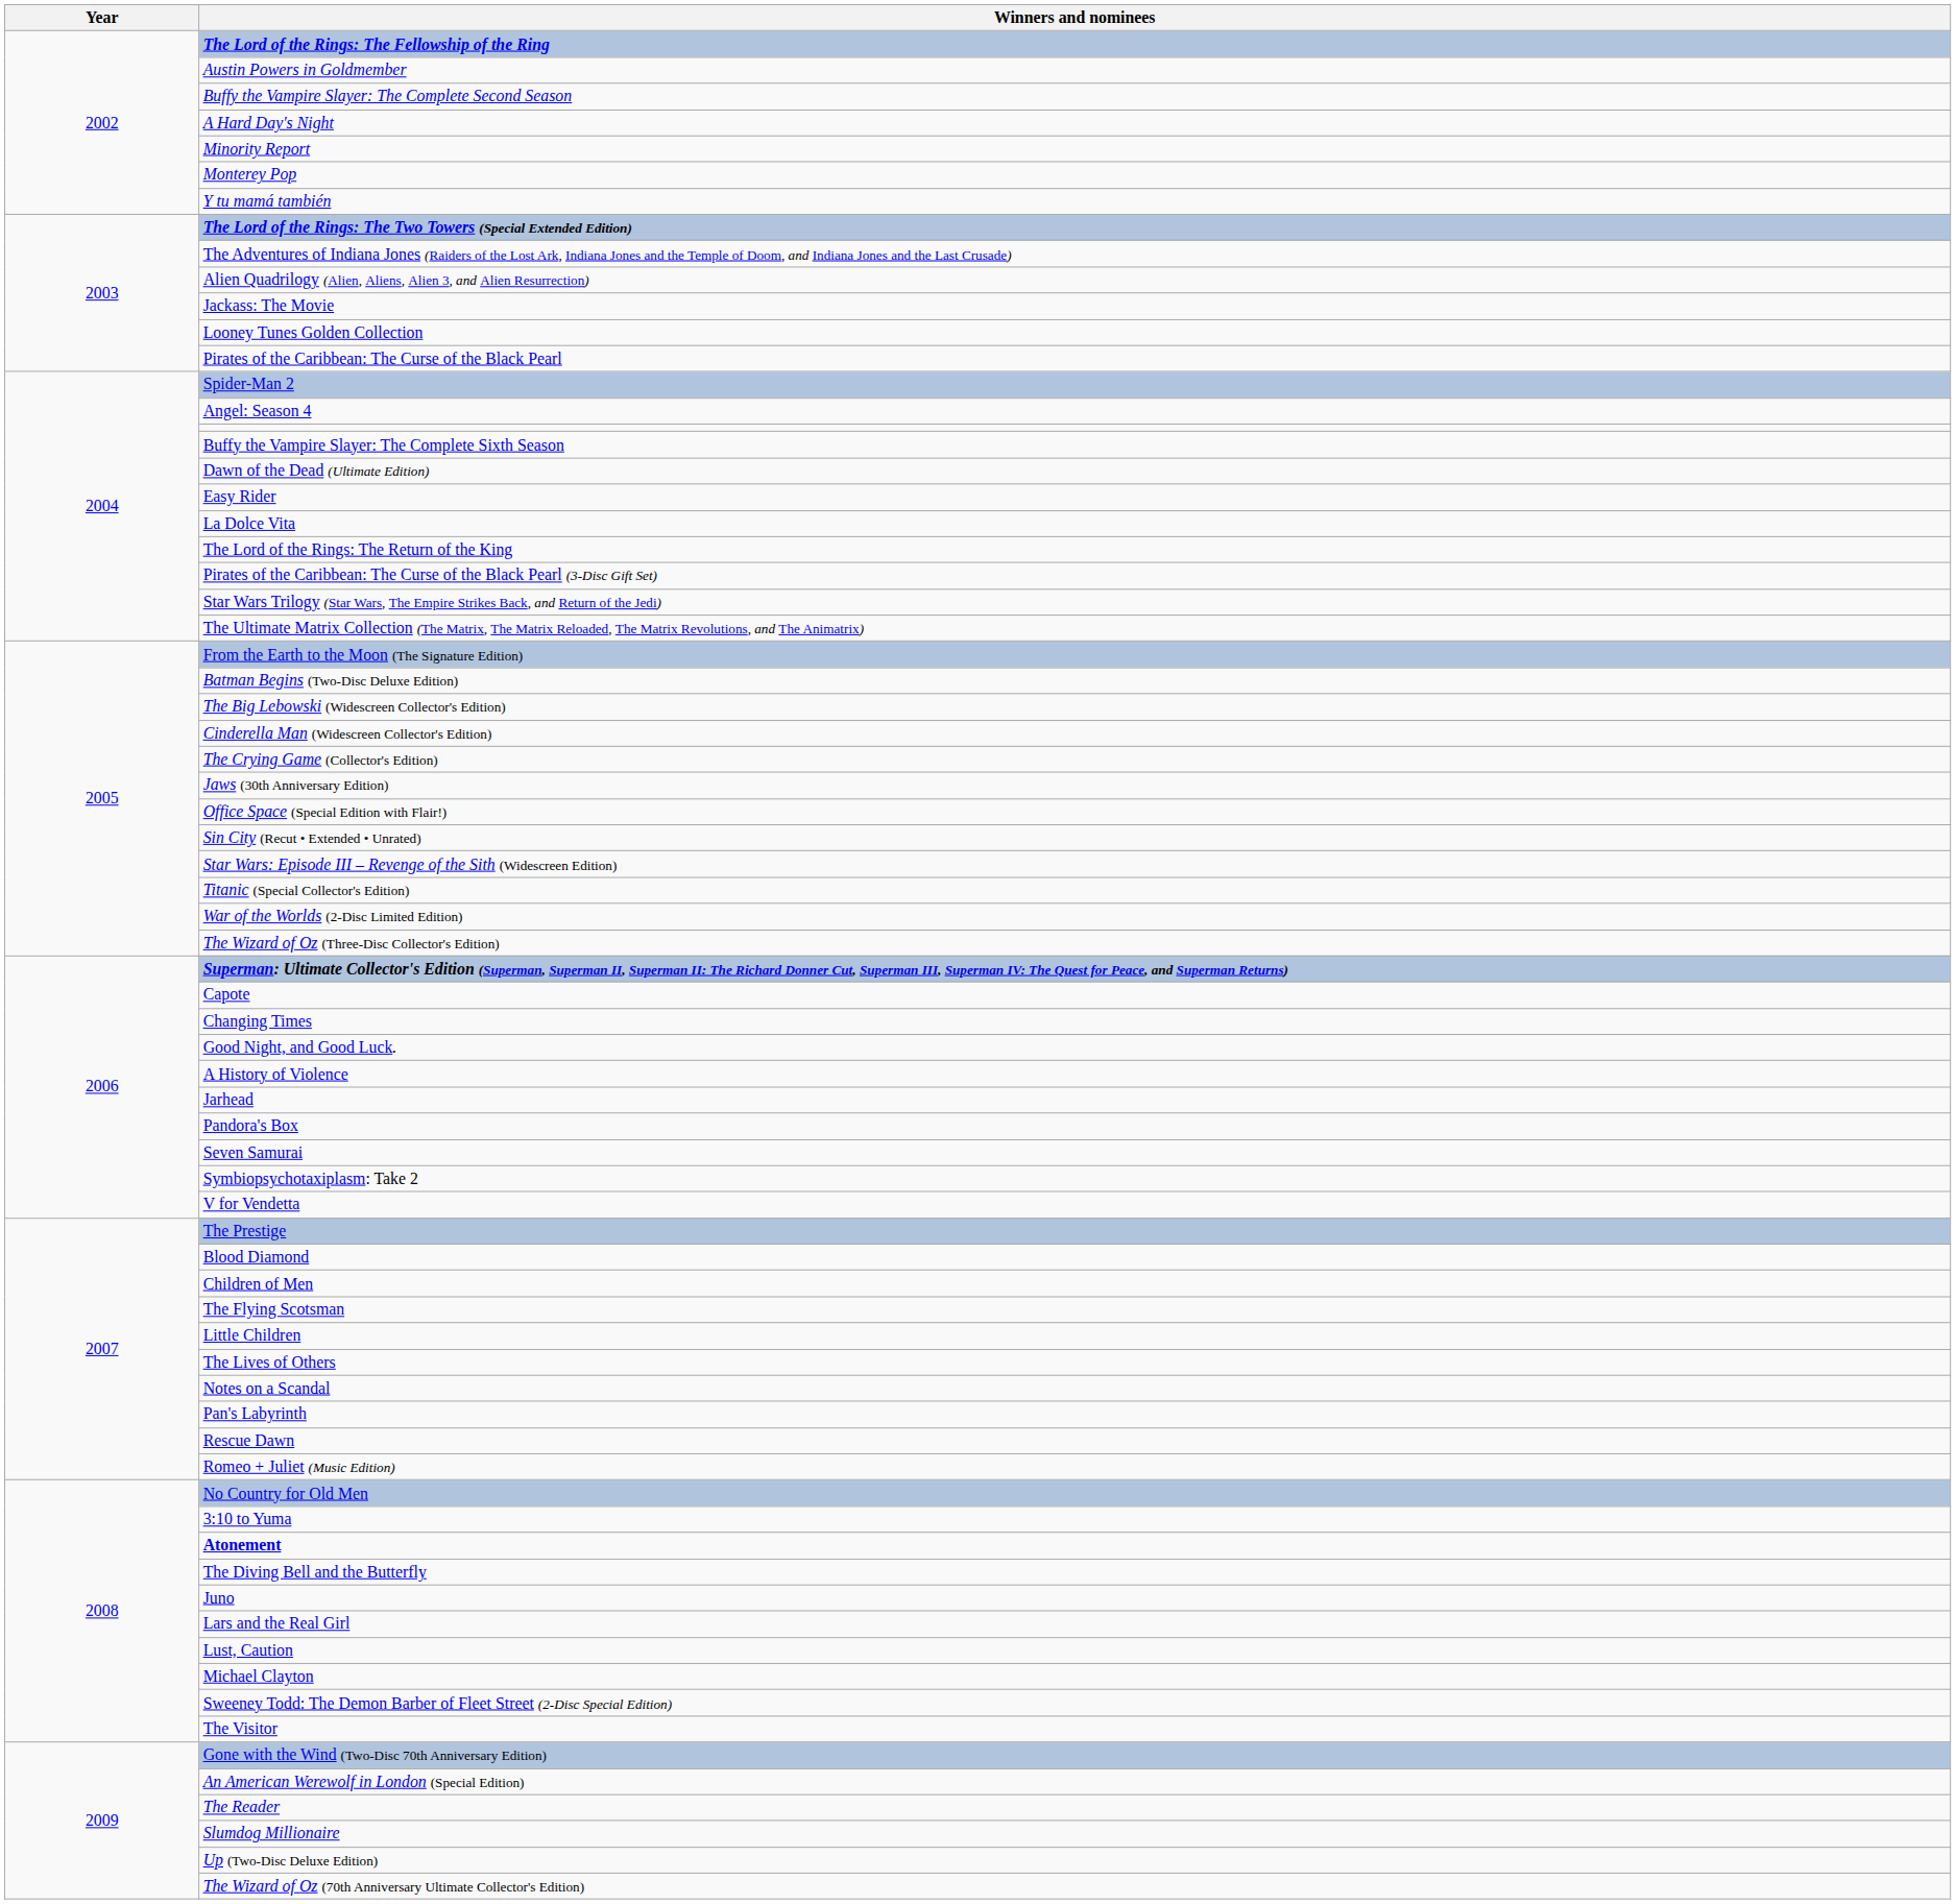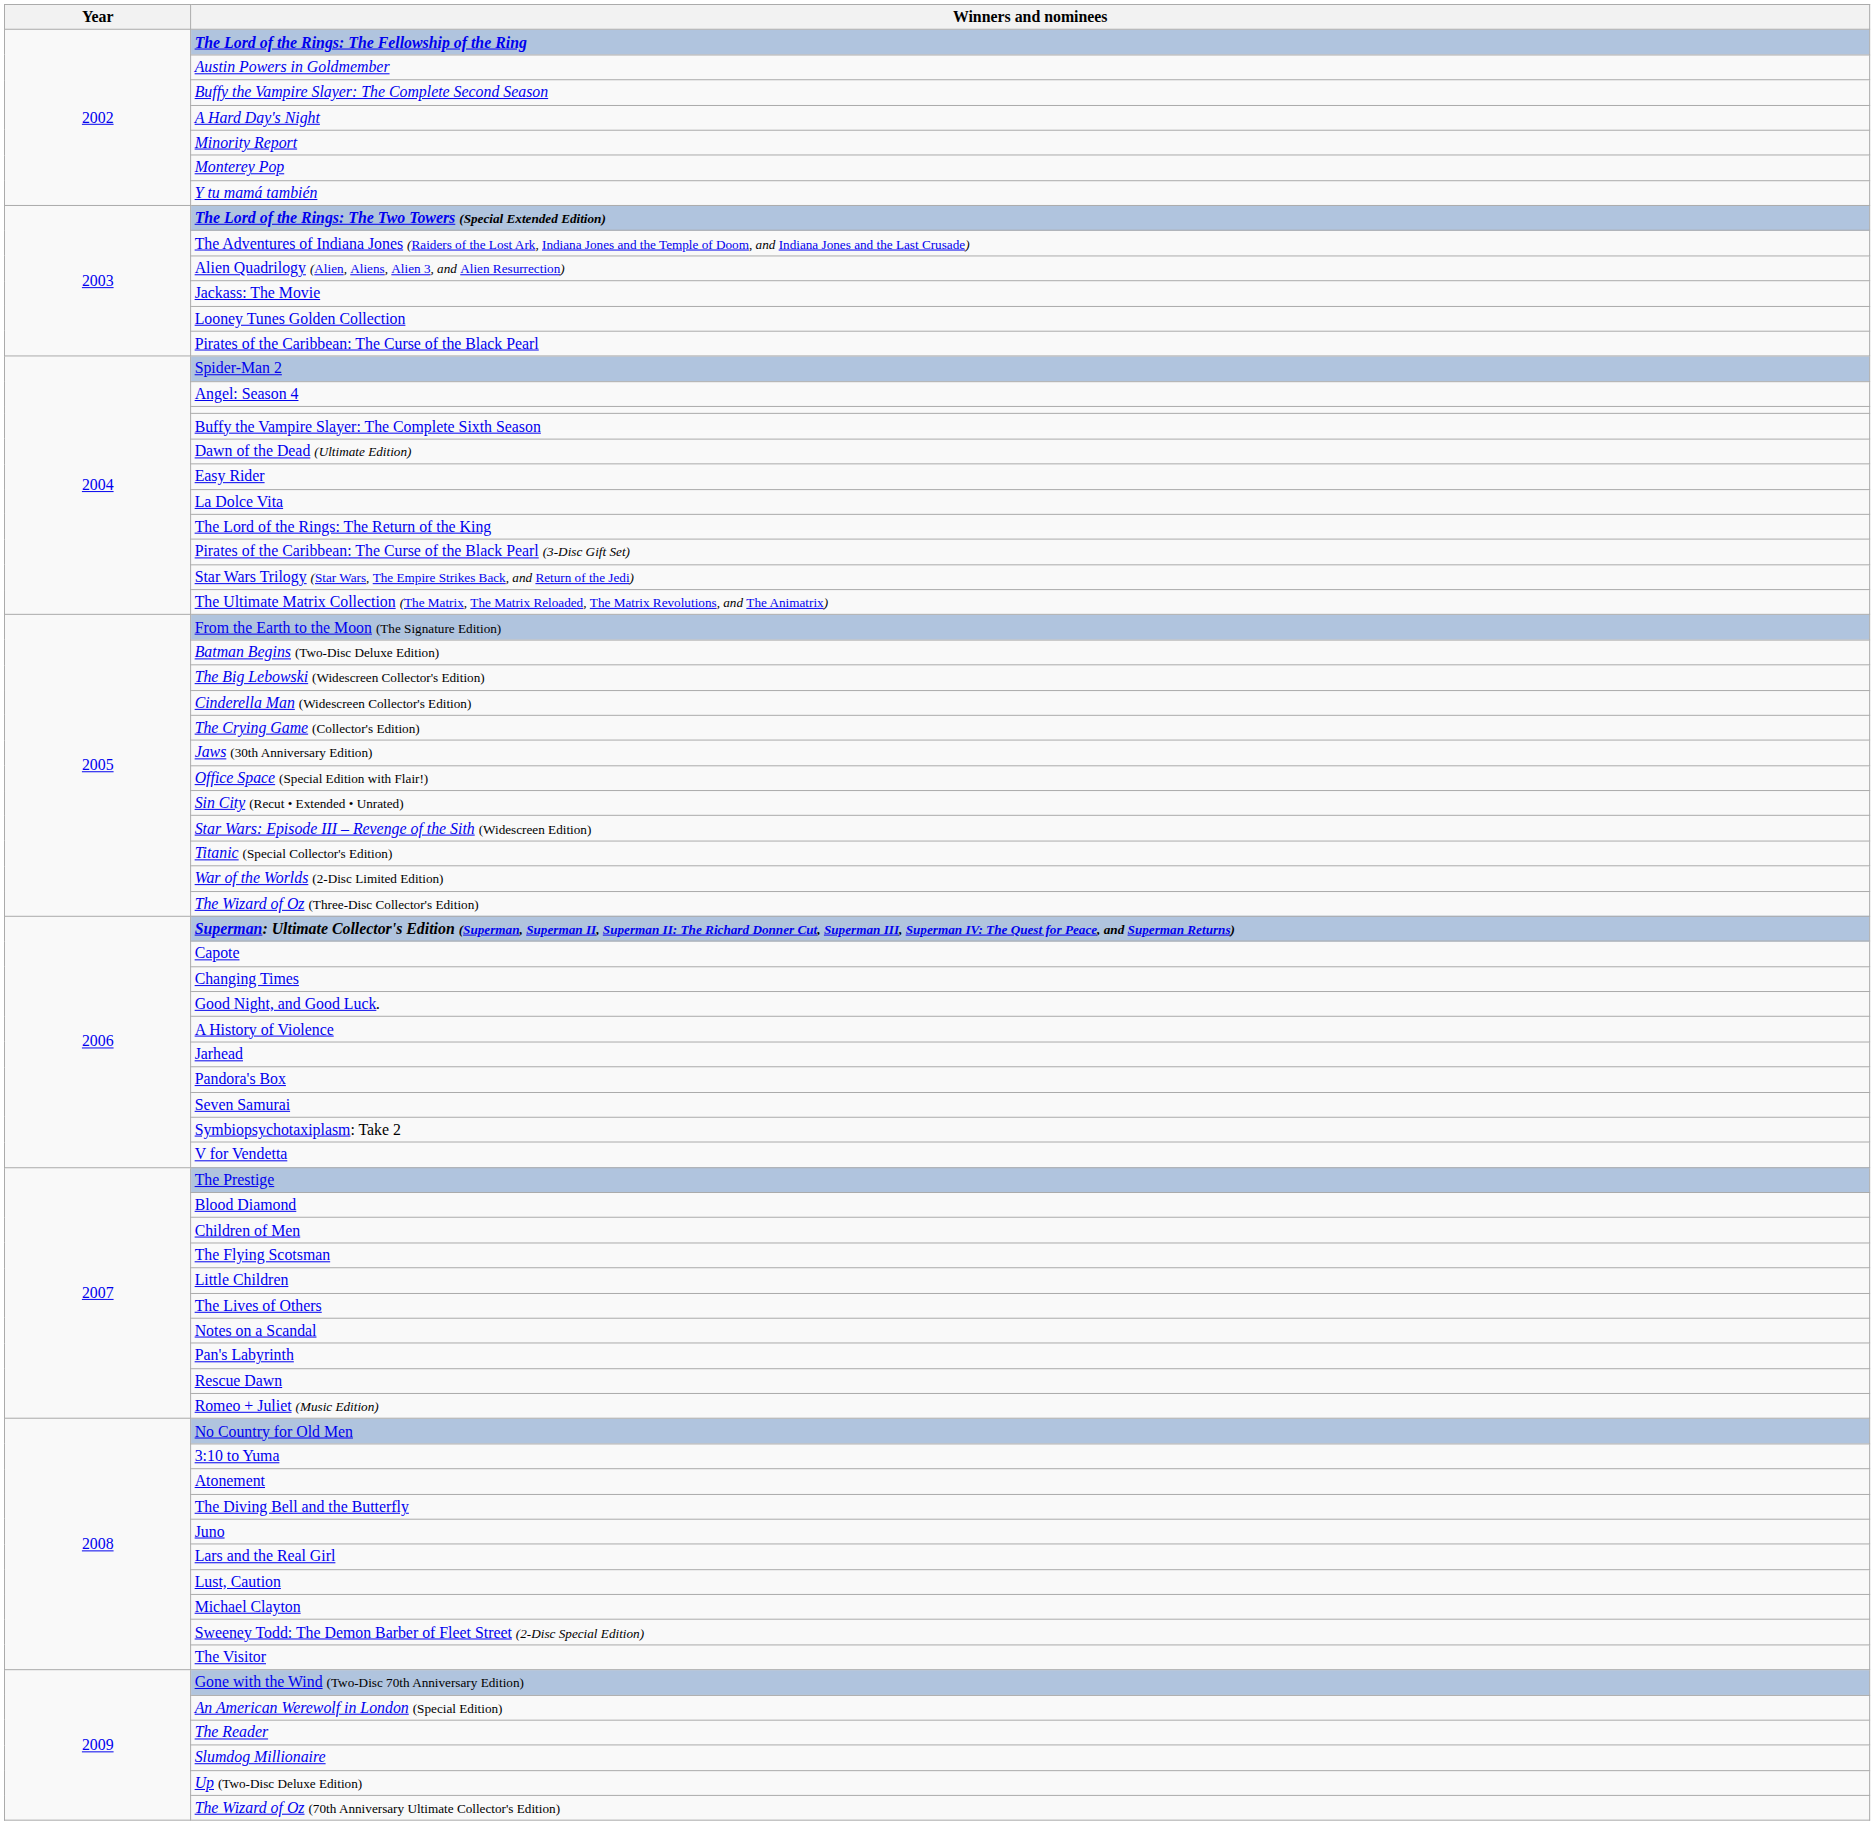 <table class="wikitable" width="95%" cellpadding="5">
 <tr>
 <th width="10%">Year</th>
 <th width="90%">Winners and nominees</th>
 </tr>
 <tr>
 <td rowspan="7" style="text-align:center;"><a href='#'>2002</a><br></td>
 <td style="background:#B0C4DE;"><strong><em><a href='#'>The Lord of the Rings: The Fellowship of the Ring</a></em></strong></td>
 </tr>
 <tr>
 <td><em><a href='#'>Austin Powers in Goldmember</a></em></td>
 </tr>
 <tr>
 <td><em><a href='#'>Buffy the Vampire Slayer: The Complete Second Season</a></em></td>
 </tr>
 <tr>
 <td><em><a href='#'>A Hard Day's Night</a></em></td>
 </tr>
 <tr>
 <td><em><a href='#'>Minority Report</a></em></td>
 </tr>
 <tr>
 <td><em><a href='#'>Monterey Pop</a></em></td>
 </tr>
 <tr>
 <td><em><a href='#'>Y tu mamá también</a></em></td>
 </tr>
 <tr>
 <td rowspan="6" style="text-align:center;"><a href='#'>2003</a><br></td>
 <td style="background:#B0C4DE;"><strong><em><a href='#'>The Lord of the Rings: The Two Towers</a><em> <small>(Special Extended Edition)</small><strong></td>
 </tr>
 <tr>
 <td></em><a href='#'>The Adventures of Indiana Jones</a><em> <small>(</em><a href='#'>Raiders of the Lost Ark</a><em>, </em><a href='#'>Indiana Jones and the Temple of Doom</a><em>, and </em><a href='#'>Indiana Jones and the Last Crusade</a><em>)</small></td>
 </tr>
 <tr>
 <td></em><a href='#'>Alien Quadrilogy</a><em> <small>(</em><a href='#'>Alien</a><em>, </em><a href='#'>Aliens</a><em>, </em><a href='#'>Alien 3</a><em>, and </em><a href='#'>Alien Resurrection</a><em>)</small></td>
 </tr>
 <tr>
 <td></em><a href='#'>Jackass: The Movie</a><em></td>
 </tr>
 <tr>
 <td></em><a href='#'>Looney Tunes Golden Collection</a><em></td>
 </tr>
 <tr>
 <td></em><a href='#'>Pirates of the Caribbean: The Curse of the Black Pearl</a><em></td>
 </tr>
 <tr>
 <td rowspan="11" style="text-align:center;"><a href='#'>2004</a><br></td>
 <td style="background:#B0C4DE;"></em></strong><a href='#'>Spider-Man 2</a><strong><em></td>
 </tr>
 <tr>
 <td></em><a href='#'>Angel: Season 4</a><em></td>
 </tr>
 <tr>
 <td></em><em></td>
 </tr>
 <tr>
 <td></em><a href='#'>Buffy the Vampire Slayer: The Complete Sixth Season</a><em></td>
 </tr>
 <tr>
 <td></em><a href='#'>Dawn of the Dead</a><em> <small>(Ultimate Edition)</small></td>
 </tr>
 <tr>
 <td></em><a href='#'>Easy Rider</a><em></td>
 </tr>
 <tr>
 <td></em><a href='#'>La Dolce Vita</a><em></td>
 </tr>
 <tr>
 <td></em><a href='#'>The Lord of the Rings: The Return of the King</a><em></td>
 </tr>
 <tr>
 <td></em><a href='#'>Pirates of the Caribbean: The Curse of the Black Pearl</a><em> <small>(3-Disc Gift Set)</small></td>
 </tr>
 <tr>
 <td></em><a href='#'>Star Wars Trilogy</a><em> <small>(</em><a href='#'>Star Wars</a><em>, </em><a href='#'>The Empire Strikes Back</a><em>, and </em><a href='#'>Return of the Jedi</a><em>)</small></td>
 </tr>
 <tr>
 <td></em><a href='#'>The Ultimate Matrix Collection</a><em> <small>(</em><a href='#'>The Matrix</a><em>, </em><a href='#'>The Matrix Reloaded</a><em>, </em><a href='#'>The Matrix Revolutions</a><em>, and </em><a href='#'>The Animatrix</a><em>)</small></td>
 </tr>
 <tr>
 <td rowspan="12" style="text-align:center;"><a href='#'>2005</a><br></td>
 <td style="background:#B0C4DE;"></em></strong><a href='#'>From the Earth to the Moon</a></em> <small>(The Signature Edition)</small></strong></td>
 </tr>
 <tr>
 <td><em><a href='#'>Batman Begins</a></em> <small>(Two-Disc Deluxe Edition)</small></td>
 </tr>
 <tr>
 <td><em><a href='#'>The Big Lebowski</a></em> <small>(Widescreen Collector's Edition)</small></td>
 </tr>
 <tr>
 <td><em><a href='#'>Cinderella Man</a></em> <small>(Widescreen Collector's Edition)</small></td>
 </tr>
 <tr>
 <td><em><a href='#'>The Crying Game</a></em> <small>(Collector's Edition)</small></td>
 </tr>
 <tr>
 <td><em><a href='#'>Jaws</a></em> <small>(30th Anniversary Edition)</small></td>
 </tr>
 <tr>
 <td><em><a href='#'>Office Space</a></em> <small>(Special Edition with Flair!)</small></td>
 </tr>
 <tr>
 <td><em><a href='#'>Sin City</a></em> <small>(Recut • Extended • Unrated)</small></td>
 </tr>
 <tr>
 <td><em><a href='#'>Star Wars: Episode III – Revenge of the Sith</a></em> <small>(Widescreen Edition)</small></td>
 </tr>
 <tr>
 <td><em><a href='#'>Titanic</a></em> <small>(Special Collector's Edition)</small></td>
 </tr>
 <tr>
 <td><em><a href='#'>War of the Worlds</a></em> <small>(2-Disc Limited Edition)</small></td>
 </tr>
 <tr>
 <td><em><a href='#'>The Wizard of Oz</a></em> <small>(Three-Disc Collector's Edition)</small></td>
 </tr>
 <tr>
 <td rowspan="10" style="text-align:center;"><a href='#'>2006</a><br></td>
 <td style="background:#B0C4DE;"><strong><em><a href='#'>Superman</a>: Ultimate Collector's Edition<em> <small>(</em><a href='#'>Superman</a><em>, </em><a href='#'>Superman II</a><em>, </em><a href='#'>Superman II: The Richard Donner Cut</a><em>, </em><a href='#'>Superman III</a><em>, </em><a href='#'>Superman IV: The Quest for Peace</a><em>, and </em><a href='#'>Superman Returns</a><em>)</small><strong></td>
 </tr>
 <tr>
 <td></em><a href='#'>Capote</a><em></td>
 </tr>
 <tr>
 <td></em><a href='#'>Changing Times</a><em></td>
 </tr>
 <tr>
 <td></em><a href='#'>Good Night, and Good Luck</a><em>.</td>
 </tr>
 <tr>
 <td></em><a href='#'>A History of Violence</a><em></td>
 </tr>
 <tr>
 <td></em><a href='#'>Jarhead</a><em></td>
 </tr>
 <tr>
 <td></em><a href='#'>Pandora's Box</a><em></td>
 </tr>
 <tr>
 <td></em><a href='#'>Seven Samurai</a><em></td>
 </tr>
 <tr>
 <td></em><a href='#'>Symbiopsychotaxiplasm</a>: Take 2<em></td>
 </tr>
 <tr>
 <td></em><a href='#'>V for Vendetta</a><em></td>
 </tr>
 <tr>
 <td rowspan="10" style="text-align:center;"><a href='#'>2007</a><br></td>
 <td style="background:#B0C4DE;"></em></strong><a href='#'>The Prestige</a><strong><em></td>
 </tr>
 <tr>
 <td></em><a href='#'>Blood Diamond</a><em></td>
 </tr>
 <tr>
 <td></em><a href='#'>Children of Men</a><em></td>
 </tr>
 <tr>
 <td></em><a href='#'>The Flying Scotsman</a><em></td>
 </tr>
 <tr>
 <td></em><a href='#'>Little Children</a><em></td>
 </tr>
 <tr>
 <td></em><a href='#'>The Lives of Others</a><em></td>
 </tr>
 <tr>
 <td></em><a href='#'>Notes on a Scandal</a><em></td>
 </tr>
 <tr>
 <td></em><a href='#'>Pan's Labyrinth</a><em></td>
 </tr>
 <tr>
 <td></em><a href='#'>Rescue Dawn</a><em></td>
 </tr>
 <tr>
 <td></em><a href='#'>Romeo + Juliet</a><em> <small>(Music Edition)</small></td>
 </tr>
 <tr>
 <td rowspan="10" style="text-align:center;"><a href='#'>2008</a><br></td>
 <td style="background:#B0C4DE;"></em></strong><a href='#'>No Country for Old Men</a><strong><em></td>
 </tr>
 <tr>
 <td></em><a href='#'>3:10 to Yuma</a><em></td>
 </tr>
 <tr>
-<td><strong></em><a href='#'>Atonement</a><em></strong></td>
+<td></em><a href='#'>Atonement</a><em></td>
 </tr>
 <tr>
 <td></em><a href='#'>The Diving Bell and the Butterfly</a><em></td>
 </tr>
 <tr>
 <td></em><a href='#'>Juno</a><em></td>
 </tr>
 <tr>
 <td></em><a href='#'>Lars and the Real Girl</a><em></td>
 </tr>
 <tr>
 <td></em><a href='#'>Lust, Caution</a><em></td>
 </tr>
 <tr>
 <td></em><a href='#'>Michael Clayton</a><em></td>
 </tr>
 <tr>
 <td></em><a href='#'>Sweeney Todd: The Demon Barber of Fleet Street</a><em> <small>(2-Disc Special Edition)</small></td>
 </tr>
 <tr>
 <td></em><a href='#'>The Visitor</a><em></td>
 </tr>
 <tr>
 <td rowspan="6" style="text-align:center;"><a href='#'>2009</a><br></td>
 <td style="background:#B0C4DE;"></em></strong><a href='#'>Gone with the Wind</a></em> <small>(Two-Disc 70th Anniversary Edition)</small></strong></td>
 </tr>
 <tr>
 <td><em><a href='#'>An American Werewolf in London</a></em> <small>(Special Edition)</small></td>
 </tr>
 <tr>
 <td><em><a href='#'>The Reader</a></em></td>
 </tr>
 <tr>
 <td><em><a href='#'>Slumdog Millionaire</a></em></td>
 </tr>
 <tr>
 <td><em><a href='#'>Up</a></em> <small>(Two-Disc Deluxe Edition)</small></td>
 </tr>
 <tr>
 <td><em><a href='#'>The Wizard of Oz</a></em> <small>(70th Anniversary Ultimate Collector's Edition)</small></td>
 </tr>
 </table>
